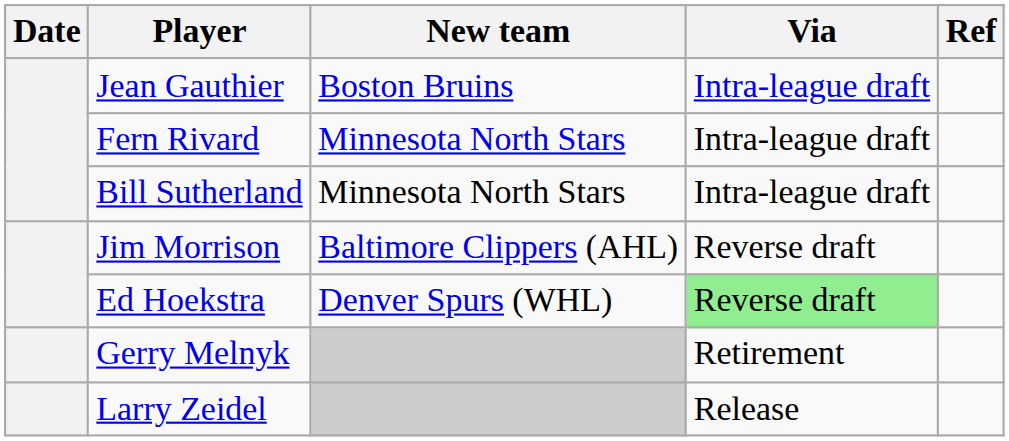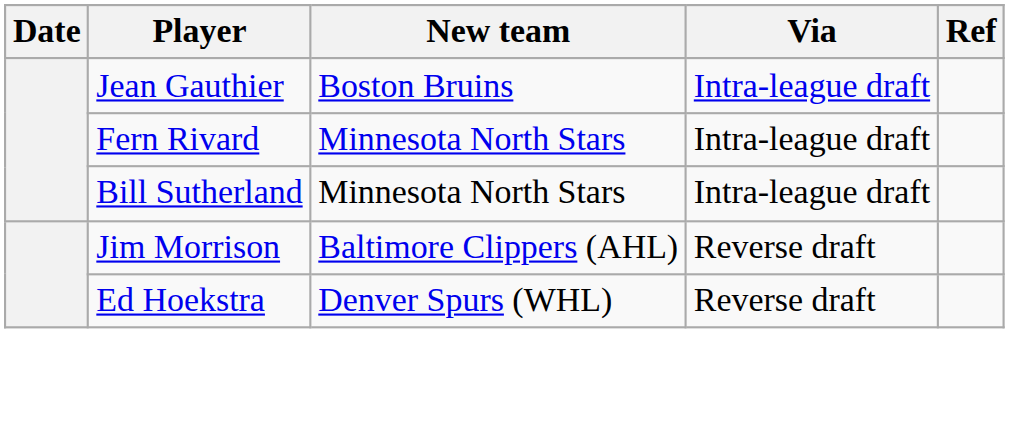 <table class="wikitable plainrowheaders">
 <tr style="background:#ddd; text-align:center;">
 <th>Date</th>
 <th>Player</th>
 <th>New team</th>
 <th>Via</th>
 <th>Ref</th>
 </tr>
 <tr>
 <th scope="row" rowspan="3"></th>
 <td><a href='#'>Jean Gauthier</a></td>
 <td><a href='#'>Boston Bruins</a></td>
 <td><a href='#'>Intra-league draft</a></td>
 <td></td>
 </tr>
 <tr>
 <td><a href='#'>Fern Rivard</a></td>
 <td><a href='#'>Minnesota North Stars</a></td>
 <td>Intra-league draft</td>
 <td></td>
 </tr>
 <tr>
 <td><a href='#'>Bill Sutherland</a></td>
 <td>Minnesota North Stars</td>
 <td>Intra-league draft</td>
 <td></td>
 </tr>
 <tr>
 <th scope="row" rowspan="2"></th>
 <td><a href='#'>Jim Morrison</a></td>
 <td><a href='#'>Baltimore Clippers</a> (AHL)</td>
 <td>Reverse draft</td>
 <td></td>
 </tr>
 <tr>
 <td><a href='#'>Ed Hoekstra</a></td>
 <td><a href='#'>Denver Spurs</a> (WHL)</td>
-<td style="background: lightgreen;">Reverse draft</td>
-<td></td>
-</tr>
-<tr>
-<th scope="row"></th>
-<td><a href='#'>Gerry Melnyk</a></td>
-<td style="background:#ccc"></td>
-<td>Retirement</td>
-<td></td>
-</tr>
-<tr>
-<th scope="row"></th>
-<td><a href='#'>Larry Zeidel</a></td>
-<td style="background:#ccc"></td>
-<td>Release</td>
+<td>Reverse draft</td>
 <td></td>
 </tr>
 </table>
